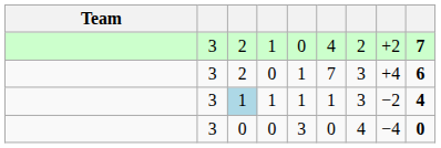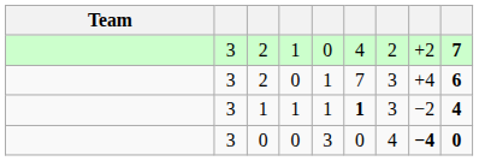 <table class="wikitable" style="text-align:center;">
 <tr>
 <th width=170>Team</th>
 <th width=20></th>
 <th width=20></th>
 <th width=20></th>
 <th width=20></th>
 <th width=20></th>
 <th width=20></th>
 <th width=20></th>
 <th width=20></th>
 </tr>
 <tr bgcolor="#ccffcc">
 <td align="left"></td>
 <td>3</td>
 <td>2</td>
 <td>1</td>
 <td>0</td>
 <td>4</td>
 <td>2</td>
 <td>+2</td>
 <td><strong>7</strong></td>
 </tr>
 <tr>
 <td align="left"></td>
 <td>3</td>
 <td>2</td>
 <td>0</td>
 <td>1</td>
 <td>7</td>
 <td>3</td>
 <td>+4</td>
 <td><strong>6</strong></td>
 </tr>
 <tr>
 <td align="left"></td>
 <td>3</td>
-<td style="background: lightblue;">1</td>
 <td>1</td>
 <td>1</td>
 <td>1</td>
+<td><strong>1</strong></td>
 <td>3</td>
 <td>−2</td>
 <td><strong>4</strong></td>
 </tr>
 <tr>
 <td align="left"></td>
 <td>3</td>
 <td>0</td>
 <td>0</td>
 <td>3</td>
 <td>0</td>
 <td>4</td>
-<td>−4</td>
+<td><strong>−4</strong></td>
 <td><strong>0</strong></td>
 </tr>
 </table>
